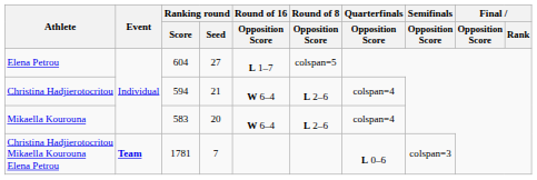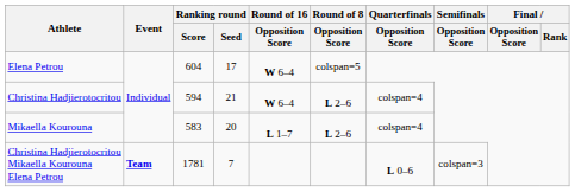 <table class="wikitable" style="font-size:90%">
 <tr>
 <th rowspan=2>Athlete</th>
 <th rowspan=2>Event</th>
 <th colspan="2">Ranking round</th>
 <th>Round of 16</th>
 <th>Round of 8</th>
 <th>Quarterfinals</th>
 <th>Semifinals</th>
 <th colspan="2">Final / </th>
 </tr>
 <tr style="font-size:95%">
 <th>Score</th>
 <th>Seed</th>
 <th>Opposition<br>Score</th>
 <th>Opposition<br>Score</th>
 <th>Opposition<br>Score</th>
 <th>Opposition<br>Score</th>
 <th>Opposition<br>Score</th>
 <th>Rank</th>
 </tr>
 <tr align=center>
 <td align=left><a href='#'>Elena Petrou</a></td>
 <td align=left rowspan=3><a href='#'>Individual</a></td>
 <td>604</td>
-<td>27</td>
-<td><br><strong>L</strong> 1–7</td>
+<td>17</td>
+<td><br><strong>W</strong> 6–4</td>
 <td>colspan=5 </td>
 </tr>
 <tr align=center>
 <td align=left><a href='#'>Christina Hadjierotocritou</a></td>
 <td>594</td>
 <td>21</td>
 <td><br><strong>W</strong> 6–4</td>
 <td><br><strong>L</strong> 2–6</td>
 <td>colspan=4 </td>
 </tr>
 <tr align=center>
 <td align=left><a href='#'>Mikaella Kourouna</a></td>
 <td>583</td>
 <td>20</td>
-<td><br><strong>W</strong> 6–4</td>
+<td><br><strong>L</strong> 1–7</td>
 <td><br><strong>L</strong> 2–6</td>
 <td>colspan=4 </td>
 </tr>
 <tr align=center>
 <td align=left><a href='#'>Christina Hadjierotocritou</a><br><a href='#'>Mikaella Kourouna</a><br><a href='#'>Elena Petrou</a></td>
 <td align=left><strong><a href='#'>Team</a></strong></td>
 <td>1781</td>
 <td>7</td>
 <td></td>
 <td></td>
 <td><br><strong>L</strong> 0–6</td>
 <td>colspan=3 </td>
 </tr>
 </table>
